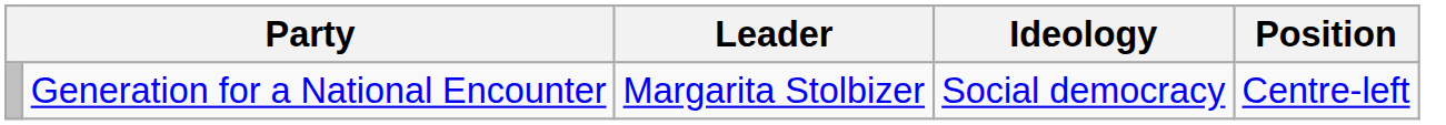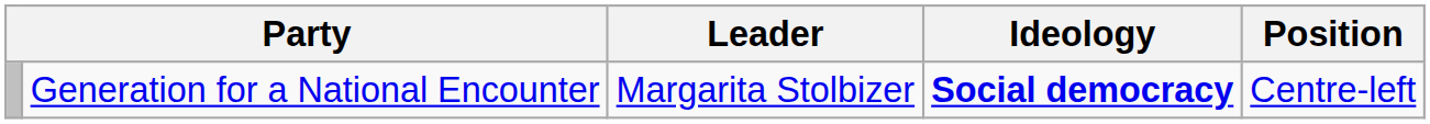 <table class="wikitable sortable" style="font-size:95%">
 <tr>
 <th colspan=2>Party</th>
 <th>Leader</th>
 <th>Ideology</th>
 <th>Position</th>
 </tr>
 <tr>
 <td bgcolor="#C0C0C0"></td>
 <td><a href='#'>Generation for a National Encounter</a></td>
 <td><a href='#'>Margarita Stolbizer</a></td>
-<td><a href='#'>Social democracy</a></td>
+<td><strong><a href='#'>Social democracy</a></strong></td>
 <td><a href='#'>Centre-left</a></td>
 </tr>
 </table>
